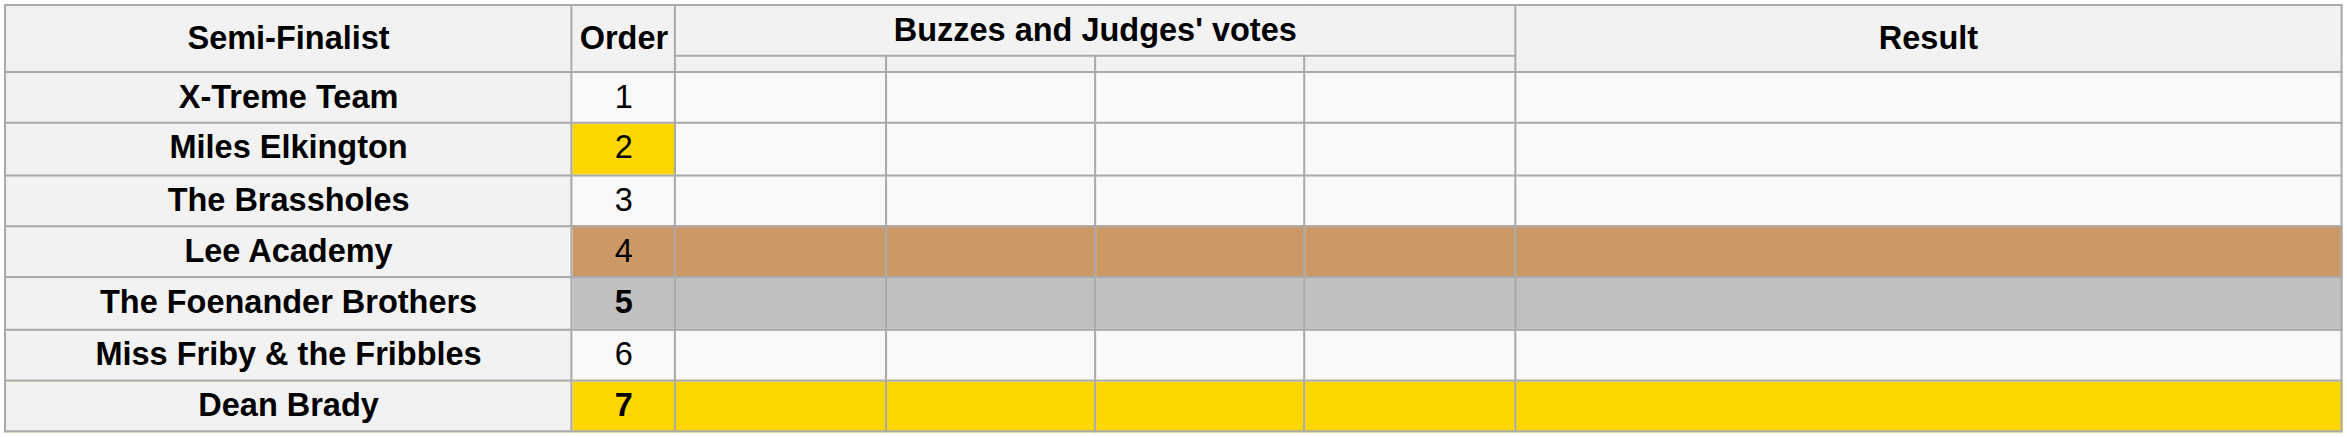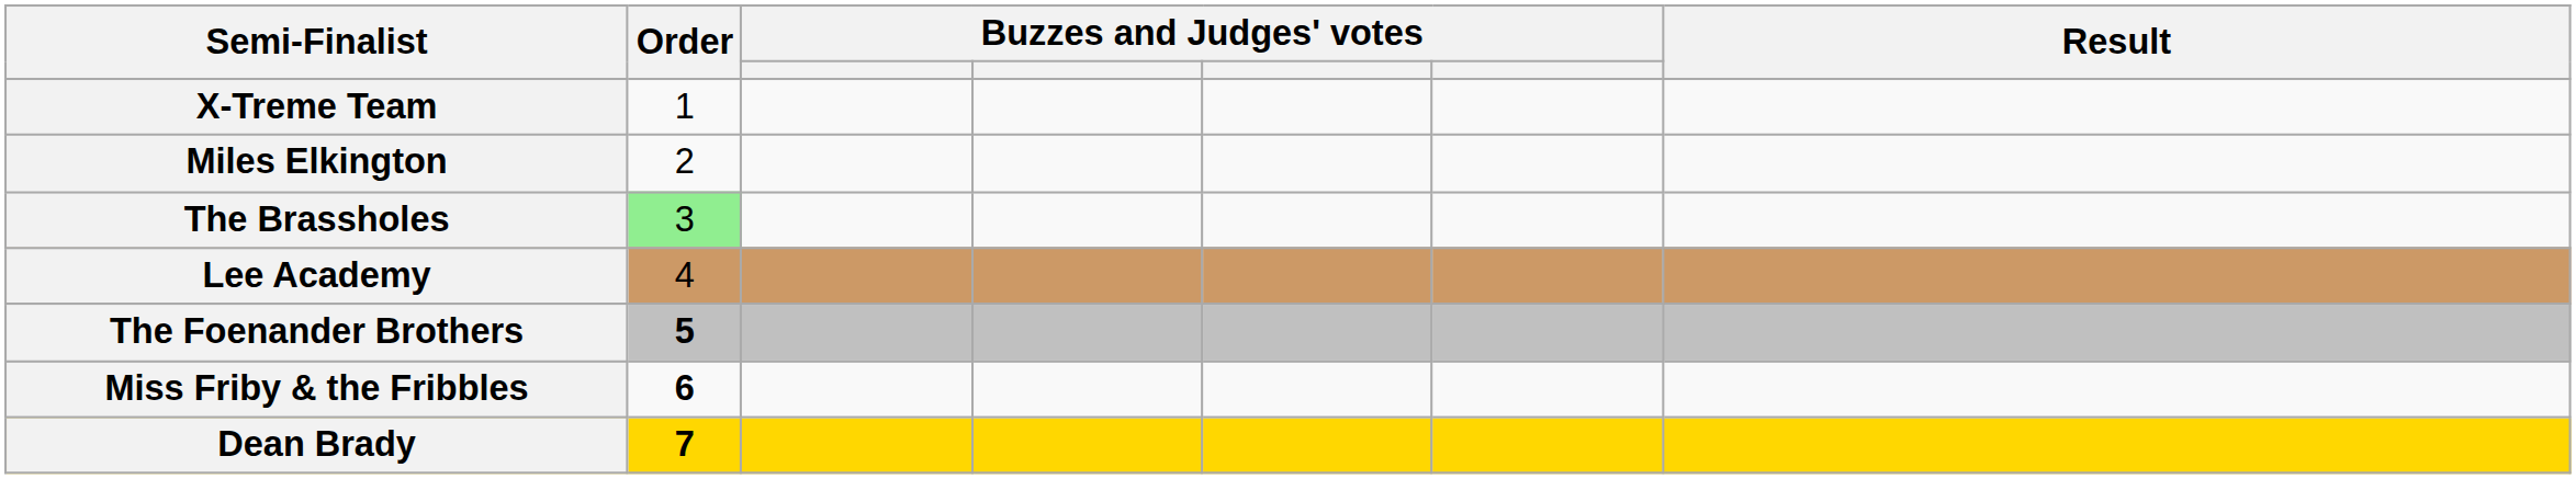 <table class="wikitable plainrowheaders sortable" style="text-align:center;">
 <tr>
 <th scope="col" rowspan="2" class="unsortable" style="width:17em;">Semi-Finalist</th>
 <th scope="col" rowspan="2" style="width:1em;">Order</th>
 <th scope="col" colspan="4" class="unsortable" style="width:24em;">Buzzes and Judges' votes</th>
 <th scope="col" rowspan="2" style="width:25em;">Result</th>
 </tr>
 <tr>
 <th scope="col" class="unsortable" style="width:6em;"></th>
 <th scope="col" class="unsortable" style="width:6em;"></th>
 <th scope="col" class="unsortable" style="width:6em;"></th>
 <th scope="col" class="unsortable" style="width:6em;"></th>
 </tr>
 <tr>
 <th scope="row">X-Treme Team</th>
 <td>1</td>
 <td style="text-align:center;"></td>
 <td style="text-align:center;"></td>
 <td style="text-align:center;"></td>
 <td style="text-align:center;"></td>
 <td></td>
 </tr>
 <tr>
 <th scope="row">Miles Elkington</th>
-<td style="background: gold;">2</td>
+<td>2</td>
 <td style="text-align:center;"></td>
 <td style="text-align:center;"></td>
 <td style="text-align:center;"></td>
 <td style="text-align:center;"></td>
 <td></td>
 </tr>
 <tr>
 <th scope="row">The Brassholes</th>
-<td>3</td>
+<td style="background: lightgreen;">3</td>
 <td style="text-align:center;"></td>
 <td style="text-align:center;"></td>
 <td style="text-align:center;"></td>
 <td style="text-align:center;"></td>
 <td></td>
 </tr>
 <tr style="background:#c96;">
 <th scope="row">Lee Academy</th>
 <td>4</td>
 <td style="text-align:center;"></td>
 <td style="text-align:center;"></td>
 <td style="text-align:center;"></td>
 <td style="text-align:center;"></td>
 <td></td>
 </tr>
 <tr style="background:silver;">
 <th scope="row"><strong>The Foenander Brothers</strong></th>
 <td><strong>5</strong></td>
 <td style="text-align:center;"></td>
 <td style="text-align:center;"></td>
 <td style="text-align:center;"></td>
 <td style="text-align:center;"></td>
 <td><strong></strong></td>
 </tr>
 <tr>
 <th scope="row">Miss Friby & the Fribbles</th>
-<td>6</td>
+<td><strong>6</strong></td>
 <td style="text-align:center;"></td>
 <td style="text-align:center;"></td>
 <td style="text-align:center;"></td>
 <td style="text-align:center;"></td>
 <td></td>
 </tr>
 <tr style="background:gold;">
 <th scope="row"><strong>Dean Brady</strong></th>
 <td><strong>7</strong></td>
 <td style="text-align:center;"></td>
 <td style="text-align:center;"></td>
 <td style="text-align:center;"></td>
 <td style="text-align:center;"></td>
 <td><strong></strong></td>
 </tr>
 </table>
